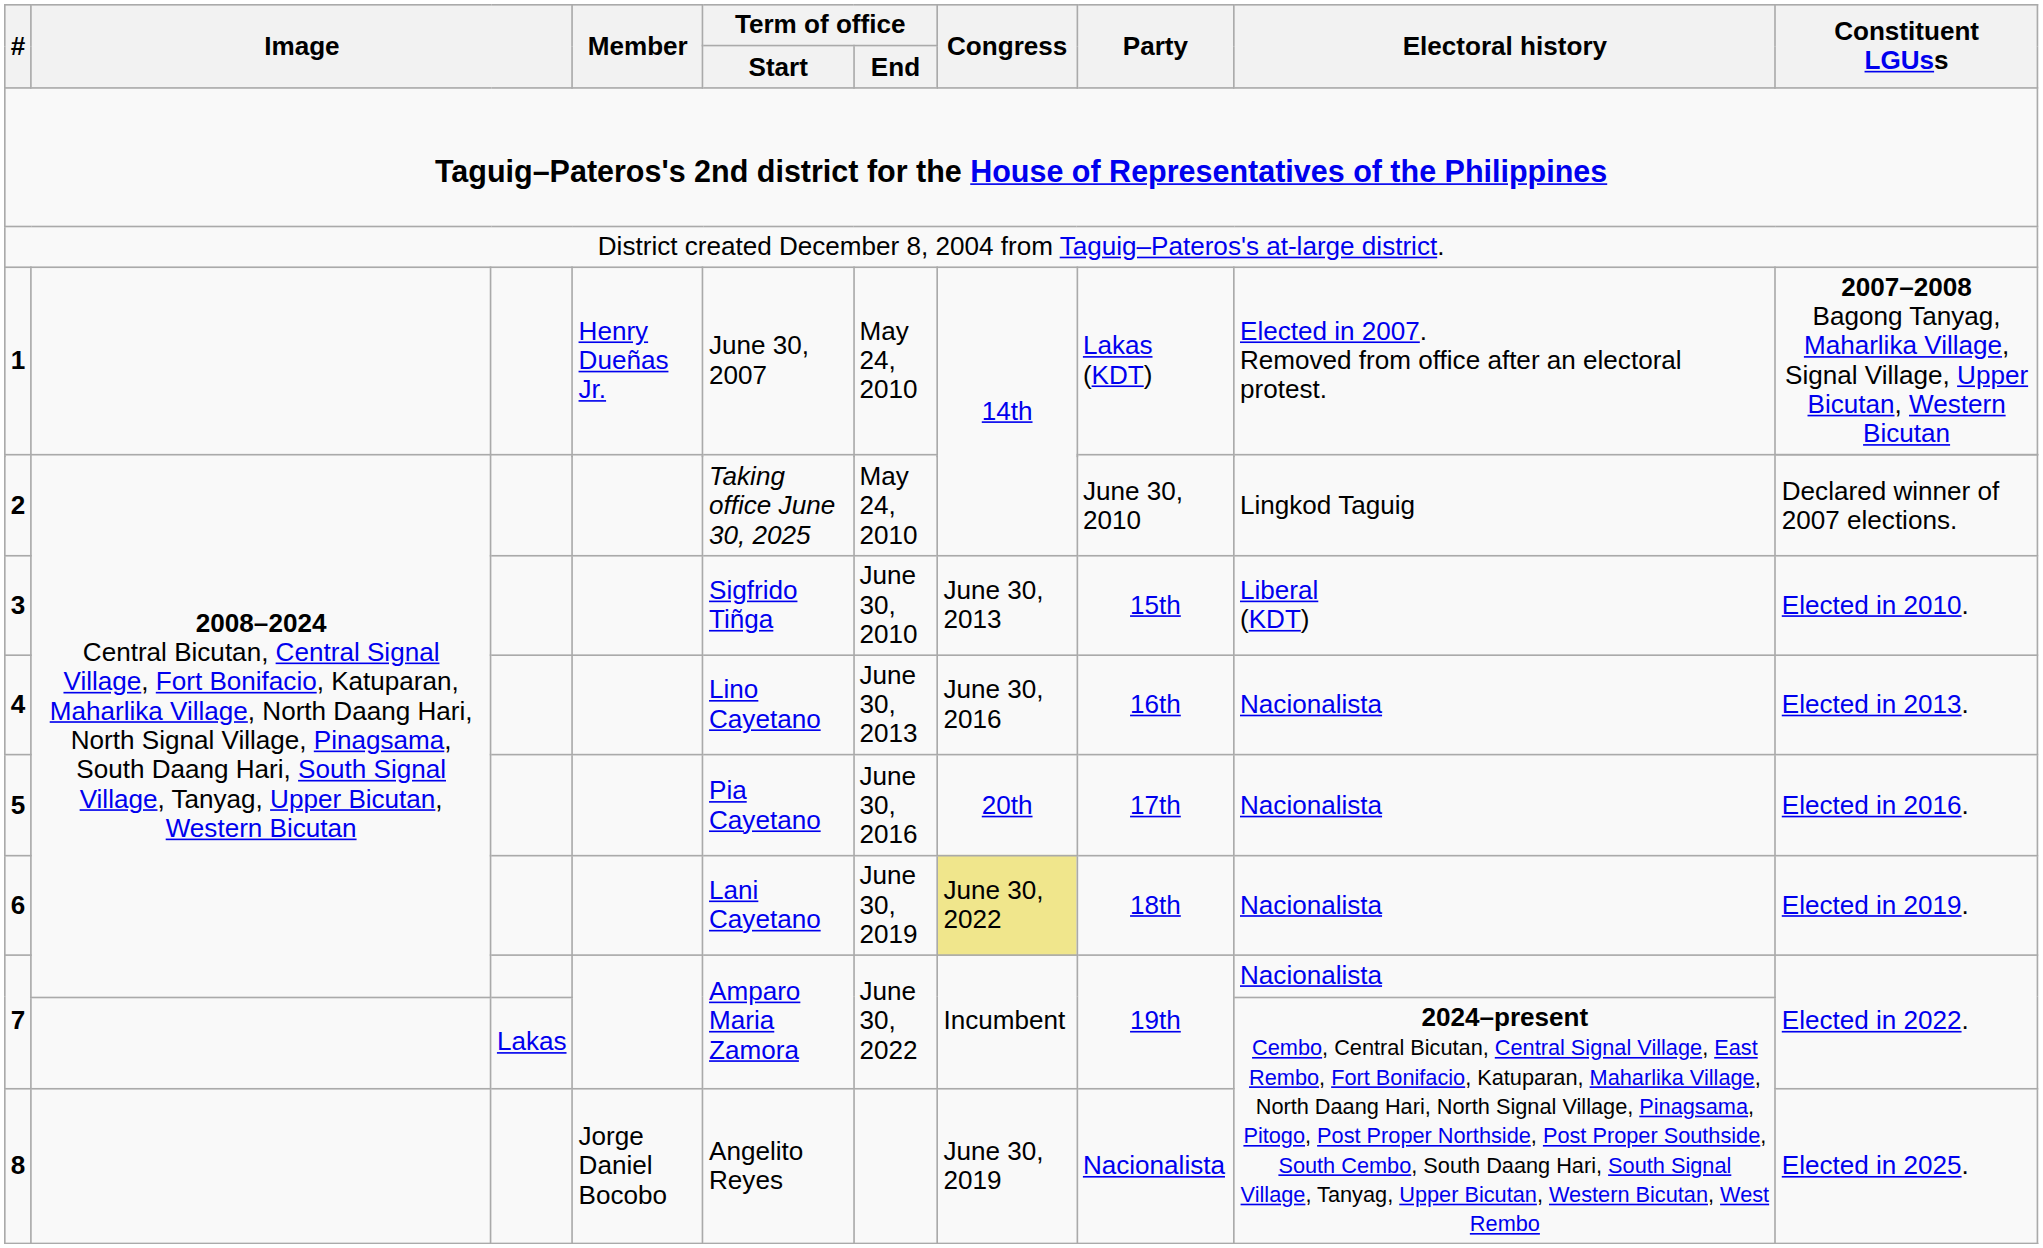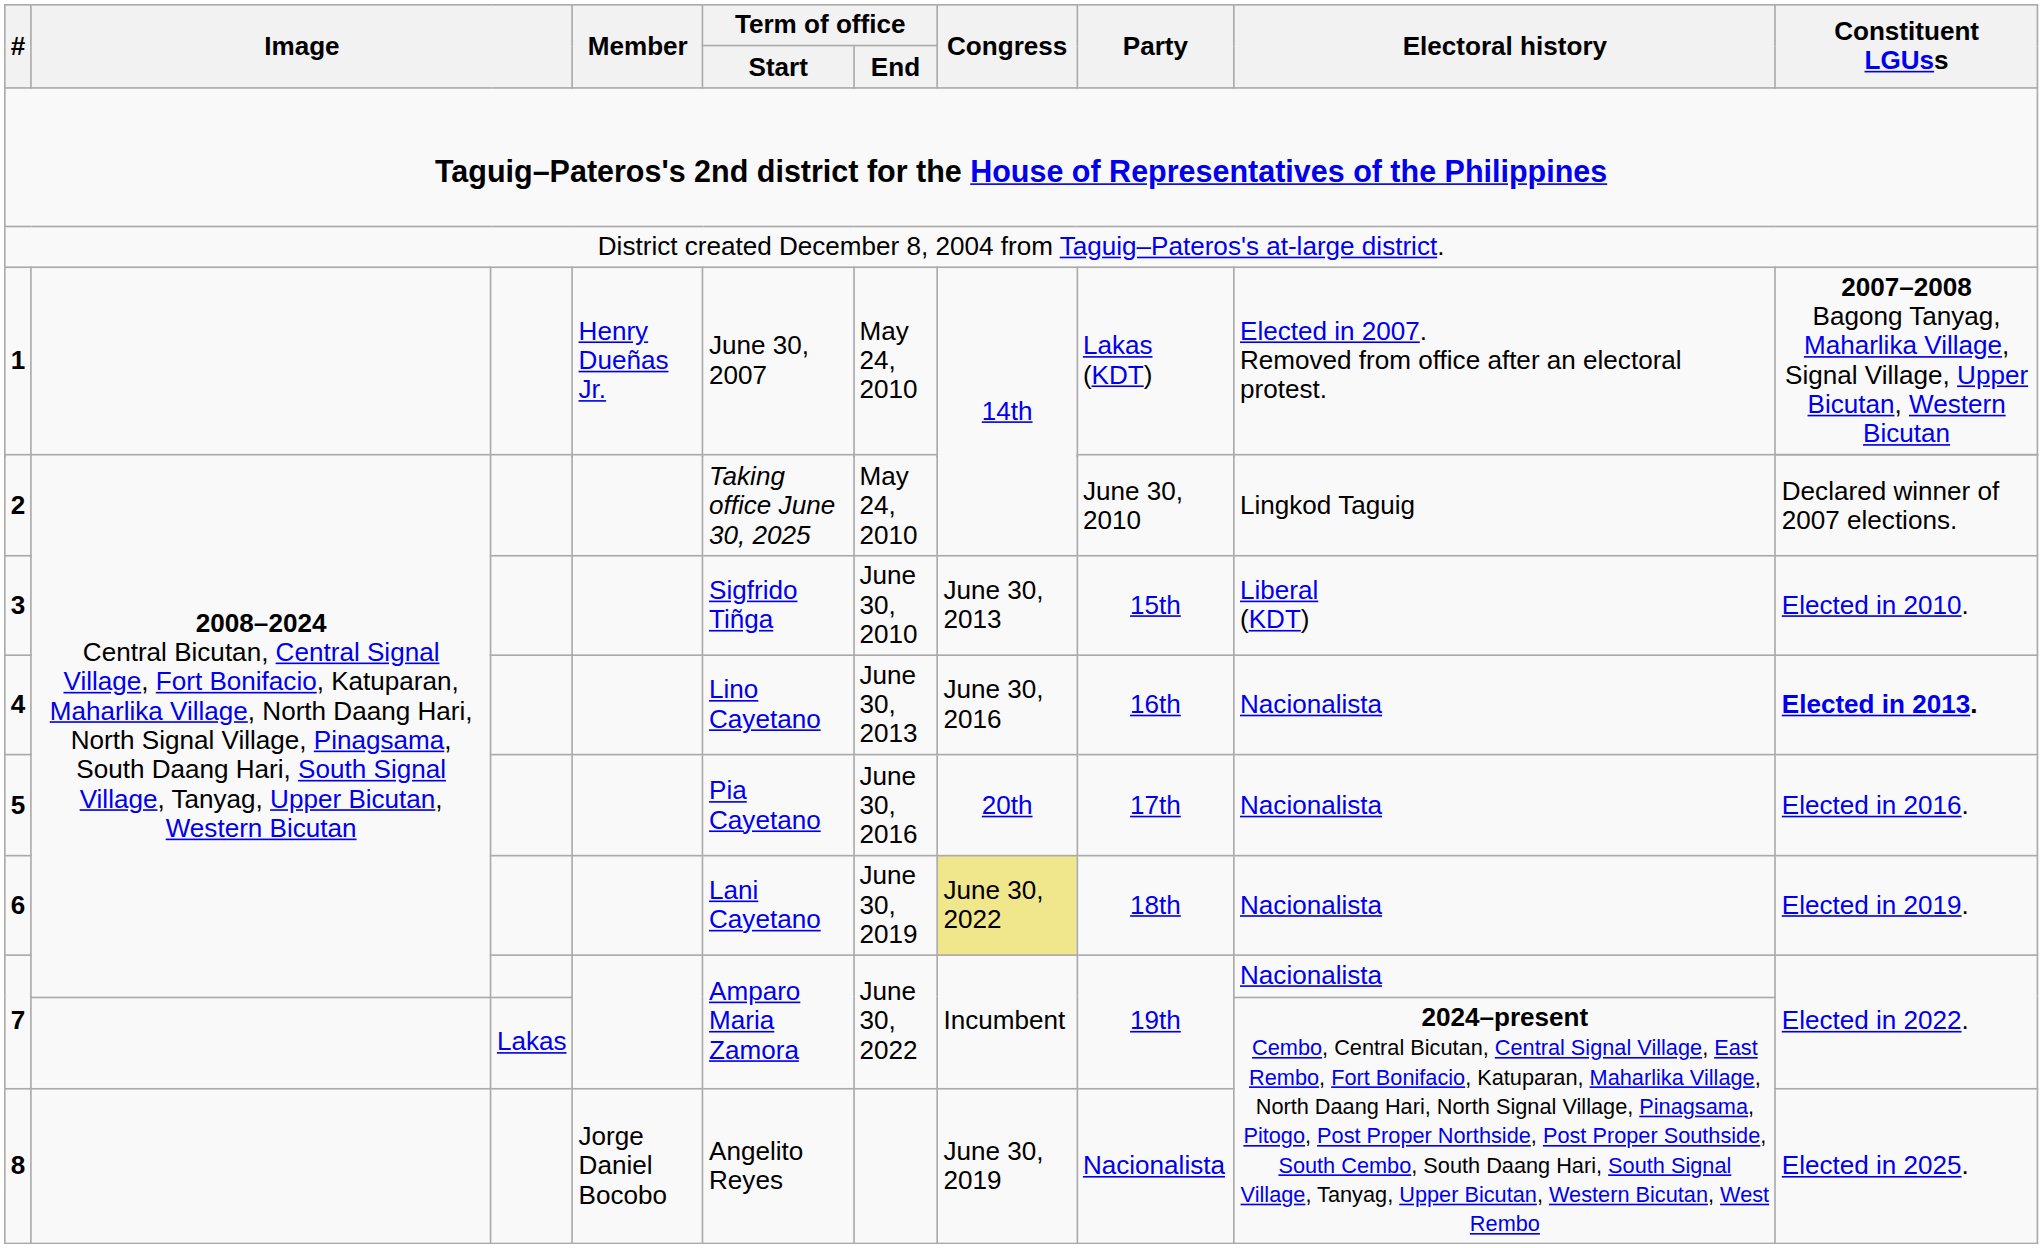 <table class=wikitable>
 <tr>
 <th rowspan="2">#</th>
 <th rowspan="2" colspan=2>Image</th>
 <th rowspan="2">Member</th>
 <th colspan=2>Term of office</th>
 <th rowspan="2">Congress</th>
 <th rowspan="2">Party</th>
 <th rowspan="2">Electoral history</th>
 <th rowspan="2">Constituent<br><a href='#'>LGUs</a>s</th>
 </tr>
 <tr>
 <th>Start</th>
 <th>End</th>
 </tr>
 <tr>
 <td colspan="10" style="text-align:center;"><br><h3>Taguig–Pateros's 2nd district for the <a href='#'>House of Representatives of the Philippines</a></h3></td>
 </tr>
 <tr>
 <td colspan="10" style="text-align:center;">District created December 8, 2004 from <a href='#'>Taguig–Pateros's at-large district</a>.</td>
 </tr>
 <tr>
 <td rowspan="2" style="text-align:center;"><strong>1</strong></td>
 <td style="color:inherit;background:"></td>
 <td rowspan="2"></td>
 <td rowspan="2"><a href='#'>Henry Dueñas Jr.</a></td>
 <td rowspan="2">June 30, 2007</td>
 <td rowspan="2">May 24, 2010</td>
 <td rowspan="3" style="text-align:center;"><a href='#'>14th</a></td>
 <td rowspan="2"><a href='#'>Lakas</a><br>(<a href='#'>KDT</a>)</td>
 <td rowspan="2"><a href='#'>Elected in 2007</a>.<br>Removed from office after an electoral protest.</td>
 <td style="text-align:center;"><strong>2007–2008</strong><br>Bagong Tanyag, <a href='#'>Maharlika Village</a>, Signal Village, <a href='#'>Upper Bicutan</a>, <a href='#'>Western Bicutan</a></td>
 </tr>
 <tr>
 <td rowspan="7" style="text-align:center;"><strong>2008–2024</strong><br>Central Bicutan, <a href='#'>Central Signal Village</a>, <a href='#'>Fort Bonifacio</a>, Katuparan, <a href='#'>Maharlika Village</a>, North Daang Hari, North Signal Village, <a href='#'>Pinagsama</a>, South Daang Hari, <a href='#'>South Signal Village</a>, Tanyag, <a href='#'>Upper Bicutan</a>, <a href='#'>Western Bicutan</a></td>
 </tr>
 <tr>
 <td style="text-align:center;"><strong>2</strong></td>
 <td style="color:inherit;background:"></td>
 <td></td>
 <td><em>Taking office June 30, 2025</em></td>
 <td>May 24, 2010</td>
 <td>June 30, 2010</td>
 <td>Lingkod Taguig</td>
 <td>Declared winner of 2007 elections.</td>
 </tr>
 <tr>
 <td style="text-align:center;"><strong>3</strong></td>
 <td style="color:inherit;background:"></td>
 <td></td>
 <td><a href='#'>Sigfrido Tiñga</a></td>
 <td>June 30, 2010</td>
 <td>June 30, 2013</td>
 <td style="text-align:center;"><a href='#'>15th</a></td>
 <td><a href='#'>Liberal</a><br>(<a href='#'>KDT</a>)</td>
 <td><a href='#'>Elected in 2010</a>.</td>
 </tr>
 <tr>
 <td style="text-align:center;"><strong>4</strong></td>
 <td style="color:inherit;background:"></td>
 <td></td>
 <td><a href='#'>Lino Cayetano</a></td>
 <td>June 30, 2013</td>
 <td>June 30, 2016</td>
 <td style="text-align:center;"><a href='#'>16th</a></td>
 <td><a href='#'>Nacionalista</a></td>
-<td><a href='#'>Elected in 2013</a>.</td>
+<td><strong><a href='#'>Elected in 2013</a>.</strong></td>
 </tr>
 <tr>
 <td style="text-align:center;"><strong>5</strong></td>
 <td style="color:inherit;background:"></td>
 <td></td>
 <td><a href='#'>Pia Cayetano</a></td>
 <td>June 30, 2016</td>
 <td style="text-align:center;"><a href='#'>20th</a></td>
 <td style="text-align:center;"><a href='#'>17th</a></td>
 <td><a href='#'>Nacionalista</a></td>
 <td><a href='#'>Elected in 2016</a>.</td>
 </tr>
 <tr>
 <td style="text-align:center;"><strong>6</strong></td>
 <td style="color:inherit;background:"></td>
 <td></td>
 <td><a href='#'>Lani Cayetano</a></td>
 <td>June 30, 2019</td>
 <td style="background: khaki;">June 30, 2022</td>
 <td style="text-align:center;"><a href='#'>18th</a></td>
 <td><a href='#'>Nacionalista</a></td>
 <td><a href='#'>Elected in 2019</a>.</td>
 </tr>
 <tr>
 <td style="text-align:center;" rowspan=2><strong>7</strong></td>
 <td style="color:inherit;background:"></td>
 <td rowspan=2></td>
 <td rowspan=2><a href='#'>Amparo Maria Zamora</a></td>
 <td rowspan=2>June 30, 2022</td>
 <td rowspan=2>Incumbent</td>
 <td style="text-align:center;" rowspan=2><a href='#'>19th</a></td>
 <td><a href='#'>Nacionalista</a></td>
 <td rowspan=2><a href='#'>Elected in 2022</a>.</td>
 </tr>
 <tr>
 <td style="color:inherit;background:"></td>
 <td><a href='#'>Lakas</a></td>
 <td style="text-align:center;" rowspan="2"><strong>2024–present</strong><br><small><a href='#'>Cembo</a>, Central Bicutan, <a href='#'>Central Signal Village</a>, <a href='#'>East Rembo</a>, <a href='#'>Fort Bonifacio</a>, Katuparan, <a href='#'>Maharlika Village</a>, North Daang Hari, North Signal Village, <a href='#'>Pinagsama</a>, <a href='#'>Pitogo</a>, <a href='#'>Post Proper Northside</a>, <a href='#'>Post Proper Southside</a>, <a href='#'>South Cembo</a>,  South Daang Hari, <a href='#'>South Signal Village</a>, Tanyag, <a href='#'>Upper Bicutan</a>, <a href='#'>Western Bicutan</a>, <a href='#'>West Rembo</a> </small></td>
 </tr>
 <tr>
 <td style="text-align:center;"><strong>8</strong></td>
 <td style="color:inherit;background:"></td>
 <td></td>
 <td>Jorge Daniel Bocobo</td>
 <td>Angelito Reyes</td>
 <td></td>
 <td>June 30, 2019</td>
 <td><a href='#'>Nacionalista</a></td>
 <td><a href='#'>Elected in 2025</a>.</td>
 </tr>
 <tr>
 </tr>
 </table>
